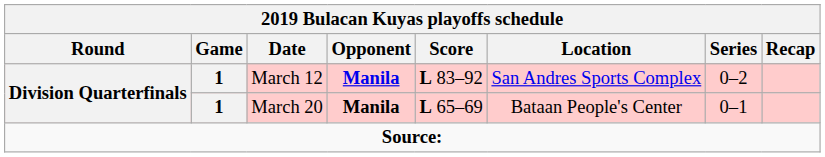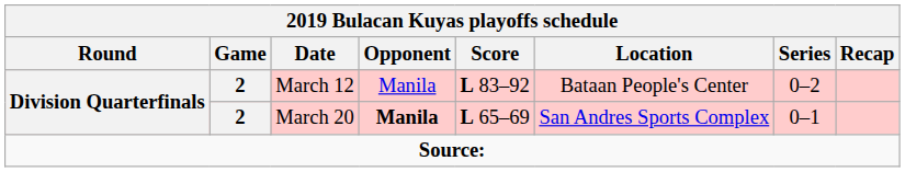 <table class="wikitable" style="text-align:center">
 <tr>
 <th colspan=8>2019 Bulacan Kuyas playoffs schedule</th>
 </tr>
 <tr>
 <th>Round</th>
 <th>Game</th>
 <th>Date</th>
 <th>Opponent</th>
 <th>Score</th>
 <th>Location</th>
 <th>Series</th>
 <th>Recap<br></th>
 </tr>
 <tr style="background:#fcc">
 <th rowspan=2>Division Quarterfinals</th>
-<th>1</th>
+<th>2</th>
 <td>March 12</td>
-<td><strong><a href='#'>Manila</a></strong></td>
+<td><a href='#'>Manila</a></td>
 <td><strong>L</strong> 83–92</td>
-<td><a href='#'>San Andres Sports Complex</a></td>
+<td>Bataan People's Center</td>
 <td>0–2</td>
 <td></td>
 </tr>
 <tr style="background:#fcc">
-<th>1</th>
+<th>2</th>
 <td>March 20</td>
 <td><strong>Manila</strong></td>
 <td><strong>L</strong> 65–69</td>
-<td>Bataan People's Center</td>
+<td><a href='#'>San Andres Sports Complex</a></td>
 <td>0–1</td>
 <td></td>
 </tr>
 <tr>
 <td colspan=8 align=center><strong>Source: </strong></td>
 </tr>
 </table>
